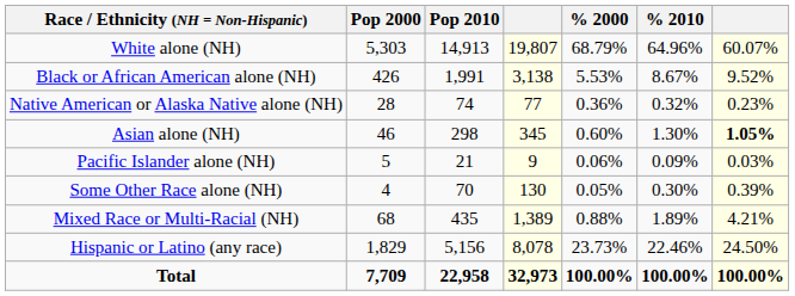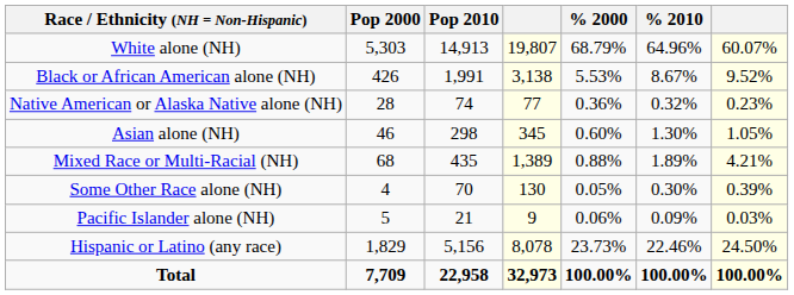 <table class="wikitable" style="text-align:center;">
 <tr>
 <th>Race / Ethnicity <small>(<em>NH = Non-Hispanic</em>)</small></th>
 <th>Pop 2000</th>
 <th>Pop 2010</th>
 <th></th>
 <th>% 2000</th>
 <th>% 2010</th>
 <th></th>
 </tr>
 <tr>
 <td><a href='#'>White</a> alone (NH)</td>
 <td>5,303</td>
 <td>14,913</td>
 <td style='background: #ffffe6;'>19,807</td>
 <td>68.79%</td>
 <td>64.96%</td>
 <td style='background: #ffffe6;'>60.07%</td>
 </tr>
 <tr>
 <td><a href='#'>Black or African American</a> alone (NH)</td>
 <td>426</td>
 <td>1,991</td>
 <td style='background: #ffffe6;'>3,138</td>
 <td>5.53%</td>
 <td>8.67%</td>
 <td style='background: #ffffe6;'>9.52%</td>
 </tr>
 <tr>
 <td><a href='#'>Native American</a> or <a href='#'>Alaska Native</a> alone (NH)</td>
 <td>28</td>
 <td>74</td>
 <td style='background: #ffffe6;'>77</td>
 <td>0.36%</td>
 <td>0.32%</td>
 <td style='background: #ffffe6;'>0.23%</td>
 </tr>
 <tr>
 <td><a href='#'>Asian</a> alone (NH)</td>
 <td>46</td>
 <td>298</td>
 <td style='background: #ffffe6;'>345</td>
 <td>0.60%</td>
 <td>1.30%</td>
-<td style='background: #ffffe6;'><strong>1.05%</strong></td>
+<td style='background: #ffffe6;'>1.05%</td>
 </tr>
 <tr>
-<td><a href='#'>Pacific Islander</a> alone (NH)</td>
-<td>5</td>
-<td>21</td>
-<td style='background: #ffffe6;'>9</td>
-<td>0.06%</td>
-<td>0.09%</td>
-<td style='background: #ffffe6;'>0.03%</td>
+<td><a href='#'>Mixed Race or Multi-Racial</a> (NH)</td>
+<td>68</td>
+<td>435</td>
+<td style='background: #ffffe6;'>1,389</td>
+<td>0.88%</td>
+<td>1.89%</td>
+<td style='background: #ffffe6;'>4.21%</td>
 </tr>
 <tr>
 <td><a href='#'>Some Other Race</a> alone (NH)</td>
 <td>4</td>
 <td>70</td>
 <td style='background: #ffffe6;'>130</td>
 <td>0.05%</td>
 <td>0.30%</td>
 <td style='background: #ffffe6;'>0.39%</td>
 </tr>
 <tr>
-<td><a href='#'>Mixed Race or Multi-Racial</a> (NH)</td>
-<td>68</td>
-<td>435</td>
-<td style='background: #ffffe6;'>1,389</td>
-<td>0.88%</td>
-<td>1.89%</td>
-<td style='background: #ffffe6;'>4.21%</td>
+<td><a href='#'>Pacific Islander</a> alone (NH)</td>
+<td>5</td>
+<td>21</td>
+<td style='background: #ffffe6;'>9</td>
+<td>0.06%</td>
+<td>0.09%</td>
+<td style='background: #ffffe6;'>0.03%</td>
 </tr>
 <tr>
 <td><a href='#'>Hispanic or Latino</a> (any race)</td>
 <td>1,829</td>
 <td>5,156</td>
 <td style='background: #ffffe6;'>8,078</td>
 <td>23.73%</td>
 <td>22.46%</td>
 <td style='background: #ffffe6;'>24.50%</td>
 </tr>
 <tr>
 <td><strong>Total</strong></td>
 <td><strong>7,709</strong></td>
 <td><strong>22,958</strong></td>
 <td style='background: #ffffe6;'><strong>32,973</strong></td>
 <td><strong>100.00%</strong></td>
 <td><strong>100.00%</strong></td>
 <td style='background: #ffffe6;'><strong>100.00%</strong></td>
 </tr>
 </table>
